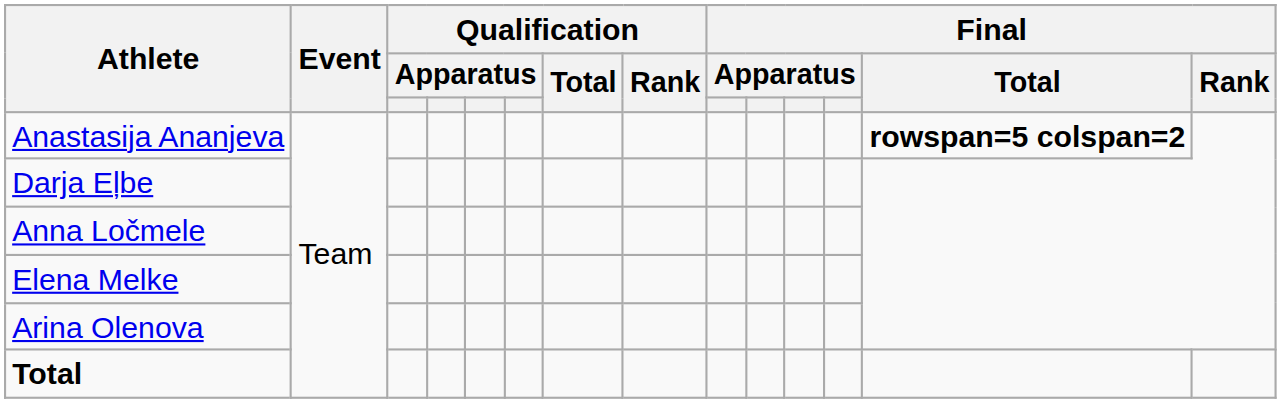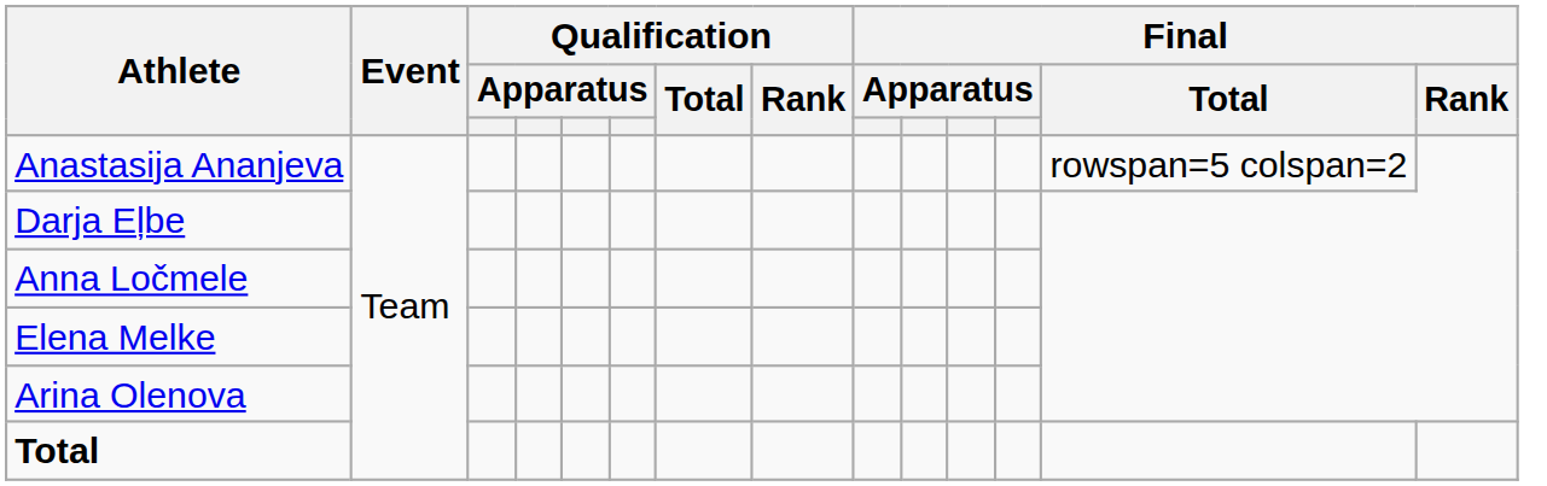 <table class="wikitable" style="font-size:90%">
 <tr>
 <th rowspan=3>Athlete</th>
 <th rowspan=3>Event</th>
 <th colspan=6>Qualification</th>
 <th colspan=6>Final</th>
 </tr>
 <tr style="font-size:95%">
 <th colspan=4>Apparatus</th>
 <th rowspan=2>Total</th>
 <th rowspan=2>Rank</th>
 <th colspan=4>Apparatus</th>
 <th rowspan=2>Total</th>
 <th rowspan=2>Rank</th>
 </tr>
 <tr style="font-size:95%">
 <th></th>
 <th></th>
 <th></th>
 <th></th>
 <th></th>
 <th></th>
 <th></th>
 <th></th>
 </tr>
 <tr align=center>
 <td align=left><a href='#'>Anastasija Ananjeva</a></td>
 <td align=left rowspan=6>Team</td>
 <td></td>
 <td></td>
 <td></td>
 <td></td>
 <td></td>
 <td></td>
 <td></td>
 <td></td>
 <td></td>
 <td></td>
-<td><strong>rowspan=5 colspan=2</strong></td>
+<td>rowspan=5 colspan=2</td>
 </tr>
 <tr align=center>
 <td align=left><a href='#'>Darja Eļbe</a></td>
 <td></td>
 <td></td>
 <td></td>
 <td></td>
 <td></td>
 <td></td>
 <td></td>
 <td></td>
 <td></td>
 <td></td>
 </tr>
 <tr align=center>
 <td align=left><a href='#'>Anna Ločmele</a></td>
 <td></td>
 <td></td>
 <td></td>
 <td></td>
 <td></td>
 <td></td>
 <td></td>
 <td></td>
 <td></td>
 <td></td>
 </tr>
 <tr align=center>
 <td align=left><a href='#'>Elena Melke</a></td>
 <td></td>
 <td></td>
 <td></td>
 <td></td>
 <td></td>
 <td></td>
 <td></td>
 <td></td>
 <td></td>
 <td></td>
 </tr>
 <tr align=center>
 <td align=left><a href='#'>Arina Olenova</a></td>
 <td></td>
 <td></td>
 <td></td>
 <td></td>
 <td></td>
 <td></td>
 <td></td>
 <td></td>
 <td></td>
 <td></td>
 </tr>
 <tr align=center>
 <td align=left><strong>Total</strong></td>
 <td></td>
 <td></td>
 <td></td>
 <td></td>
 <td></td>
 <td></td>
 <td></td>
 <td></td>
 <td></td>
 <td></td>
 <td></td>
 <td></td>
 </tr>
 </table>
